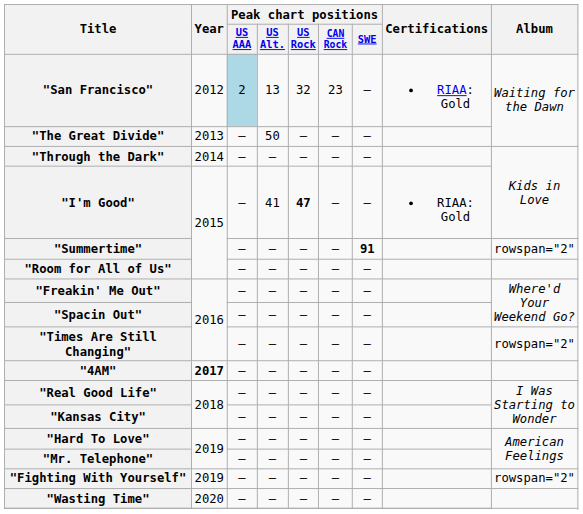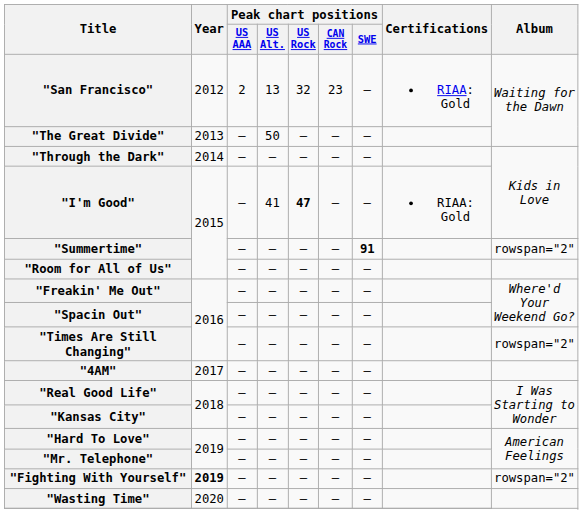 <table class="wikitable plainrowheaders" style="text-align:center;" border="1">
 <tr>
 <th scope="col" rowspan="2" style="width:16em;">Title</th>
 <th scope="col" rowspan="2">Year</th>
 <th scope="col" colspan="5">Peak chart positions</th>
 <th scope="col" rowspan="2">Certifications</th>
 <th scope="col" rowspan="2">Album</th>
 </tr>
 <tr>
 <th scope="col" style="width:2.5em;font-size:85%;"><a href='#'>US<br>AAA</a><br></th>
 <th scope="col" style="width:2.5em;font-size:85%;"><a href='#'>US<br>Alt.</a><br></th>
 <th scope="col" style="width:2.5em;font-size:85%;"><a href='#'>US<br>Rock</a><br></th>
 <th style="width:3em;font-size:80%;"><a href='#'>CAN<br>Rock</a><br></th>
 <th scope="col" style="width:2.5em;font-size:85%;"><a href='#'>SWE</a><br></th>
 </tr>
 <tr>
 <th scope="row">"San Francisco"</th>
 <td>2012</td>
-<td style="background: lightblue;">2</td>
+<td>2</td>
 <td>13</td>
 <td>32</td>
 <td>23</td>
 <td>—</td>
 <td><br><ul><li><a href='#'>RIAA</a>: Gold</li></ul></td>
 <td rowspan="2"><em>Waiting for the Dawn</em></td>
 </tr>
 <tr>
 <th scope="row">"The Great Divide"</th>
 <td>2013</td>
 <td>—</td>
 <td>50</td>
 <td>—</td>
 <td>—</td>
 <td>—</td>
 <td></td>
 </tr>
 <tr>
 <th scope="row">"Through the Dark"</th>
 <td>2014</td>
 <td>—</td>
 <td>—</td>
 <td>—</td>
 <td>—</td>
 <td>—</td>
 <td></td>
 <td rowspan="2"><em>Kids in Love</em></td>
 </tr>
 <tr>
 <th scope="row">"I'm Good"</th>
 <td rowspan="3">2015</td>
 <td>—</td>
 <td>41</td>
 <td><strong>47</strong></td>
 <td>—</td>
 <td>—</td>
 <td><br><ul><li>RIAA: Gold</li></ul></td>
 </tr>
 <tr>
 <th scope="row">"Summertime"</th>
 <td>—</td>
 <td>—</td>
 <td>—</td>
 <td>—</td>
 <td><strong>91</strong></td>
 <td></td>
 <td>rowspan="2" </td>
 </tr>
 <tr>
 <th scope="row">"Room for All of Us"</th>
 <td>—</td>
 <td>—</td>
 <td>—</td>
 <td>—</td>
 <td>—</td>
 <td></td>
 </tr>
 <tr>
 <th scope="row">"Freakin' Me Out"</th>
 <td rowspan="3">2016</td>
 <td>—</td>
 <td>—</td>
 <td>—</td>
 <td>—</td>
 <td>—</td>
 <td></td>
 <td rowspan="2"><em>Where'd Your Weekend Go?</em></td>
 </tr>
 <tr>
 <th scope="row">"Spacin Out"</th>
 <td>—</td>
 <td>—</td>
 <td>—</td>
 <td>—</td>
 <td>—</td>
 <td></td>
 </tr>
 <tr>
 <th scope="row">"Times Are Still Changing"</th>
 <td>—</td>
 <td>—</td>
 <td>—</td>
 <td>—</td>
 <td>—</td>
 <td></td>
 <td>rowspan="2" </td>
 </tr>
 <tr>
 <th scope="row">"4AM"</th>
-<td><strong>2017</strong></td>
+<td>2017</td>
 <td>—</td>
 <td>—</td>
 <td>—</td>
 <td>—</td>
 <td>—</td>
 <td></td>
 </tr>
 <tr>
 <th scope="row">"Real Good Life"</th>
 <td rowspan="2">2018</td>
 <td>—</td>
 <td>—</td>
 <td>—</td>
 <td>—</td>
 <td>—</td>
 <td></td>
 <td rowspan="2"><em>I Was Starting to Wonder</em></td>
 </tr>
 <tr>
 <th scope="row">"Kansas City"</th>
 <td>—</td>
 <td>—</td>
 <td>—</td>
 <td>—</td>
 <td>—</td>
 <td></td>
 </tr>
 <tr>
 <th scope="row">"Hard To Love"</th>
 <td rowspan="2">2019</td>
 <td>—</td>
 <td>—</td>
 <td>—</td>
 <td>—</td>
 <td>—</td>
 <td></td>
 <td rowspan="2"><em>American Feelings</em></td>
 </tr>
 <tr>
 <th scope="row">"Mr. Telephone"</th>
 <td>—</td>
 <td>—</td>
 <td>—</td>
 <td>—</td>
 <td>—</td>
 <td></td>
 </tr>
 <tr>
 <th scope="row">"Fighting With Yourself"</th>
-<td>2019</td>
+<td><strong>2019</strong></td>
 <td>—</td>
 <td>—</td>
 <td>—</td>
 <td>—</td>
 <td>—</td>
 <td></td>
 <td>rowspan="2" </td>
 </tr>
 <tr>
 <th scope="row">"Wasting Time"</th>
 <td>2020</td>
 <td>—</td>
 <td>—</td>
 <td>—</td>
 <td>—</td>
 <td>—</td>
 <td></td>
 </tr>
 <tr>
 </tr>
 </table>
